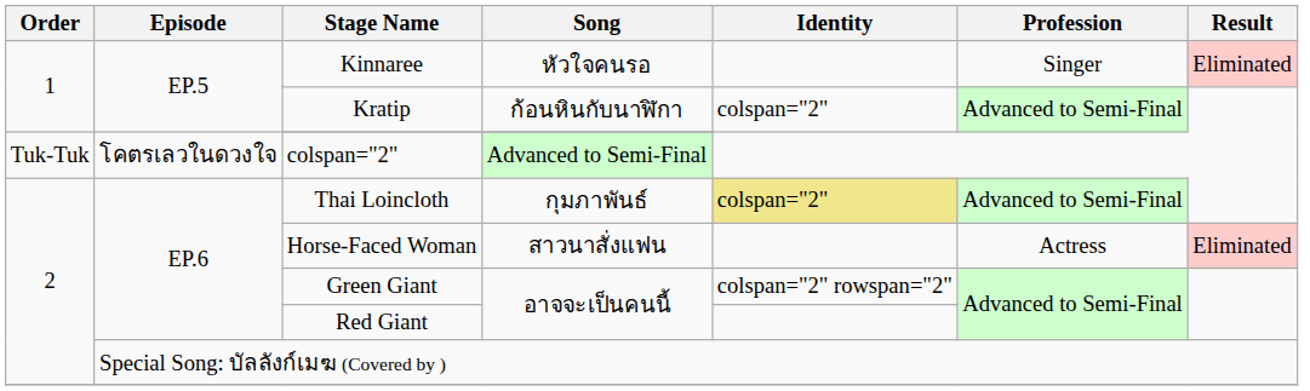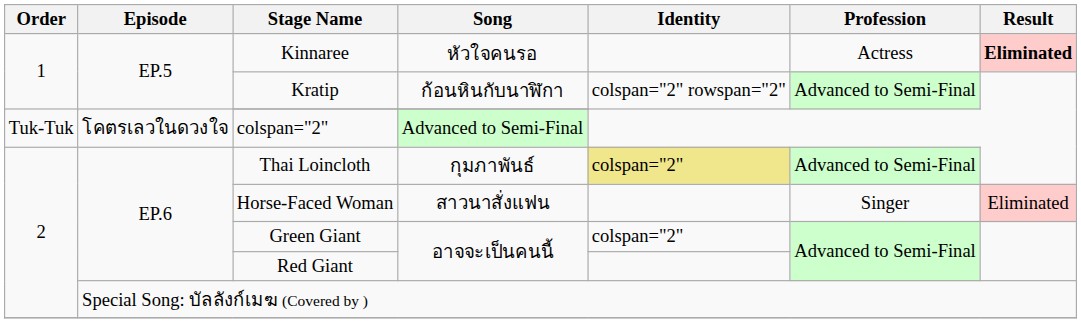 <table class="wikitable">
 <tr>
 <th>Order</th>
 <th>Episode</th>
 <th>Stage Name</th>
 <th>Song</th>
 <th>Identity</th>
 <th>Profession</th>
 <th>Result</th>
 </tr>
 <tr>
 <td rowspan="3" style="text-align:center;">1</td>
 <td rowspan="3" align="center">EP.5</td>
 <td style="text-align:center;">Kinnaree</td>
 <td style="text-align:center;">หัวใจคนรอ</td>
 <td style="text-align:center;"></td>
-<td style="text-align:center;">Singer</td>
-<td style="text-align:center; background:#ffcccc;">Eliminated</td>
+<td style="text-align:center;">Actress</td>
+<td style="text-align:center; background:#ffcccc;"><strong>Eliminated</strong></td>
 </tr>
 <tr>
 <td style="text-align:center;">Kratip</td>
 <td style="text-align:center;">ก้อนหินกับนาฬิกา</td>
-<td>colspan="2"  </td>
+<td>colspan="2" rowspan="2" </td>
 <td style="text-align:center; background:#ccffcc;">Advanced to Semi-Final</td>
 </tr>
 <tr>
 </tr>
 <tr>
 <td style="text-align:center;">Tuk-Tuk</td>
 <td style="text-align:center;">โคตรเลวในดวงใจ</td>
 <td>colspan="2"  </td>
 <td style="text-align:center; background:#ccffcc;">Advanced to Semi-Final</td>
 </tr>
 <tr>
 <td rowspan="5" style="text-align:center;">2</td>
 <td rowspan="4" align="center">EP.6</td>
 <td style="text-align:center;">Thai Loincloth</td>
 <td style="text-align:center;">กุมภาพันธ์</td>
 <td style="background: khaki;">colspan="2"  </td>
 <td style="text-align:center; background:#ccffcc;">Advanced to Semi-Final</td>
 </tr>
 <tr>
 <td style="text-align:center;">Horse-Faced Woman</td>
 <td style="text-align:center;">สาวนาสั่งแฟน</td>
 <td style="text-align:center;"></td>
-<td style="text-align:center;">Actress</td>
+<td style="text-align:center;">Singer</td>
 <td style="text-align:center; background:#ffcccc;">Eliminated</td>
 </tr>
 <tr>
 <td style="text-align:center;">Green Giant</td>
 <td rowspan="2" style="text-align:center;">อาจจะเป็นคนนี้</td>
-<td>colspan="2" rowspan="2" </td>
+<td>colspan="2"  </td>
 <td rowspan="2" style="text-align:center; background:#ccffcc;">Advanced to Semi-Final</td>
 </tr>
 <tr>
 <td style="text-align:center;">Red Giant</td>
 </tr>
 <tr>
 <td colspan="6">Special Song: บัลลังก์เมฆ <small>(Covered by )</small></td>
 </tr>
 <tr>
 </tr>
 </table>
